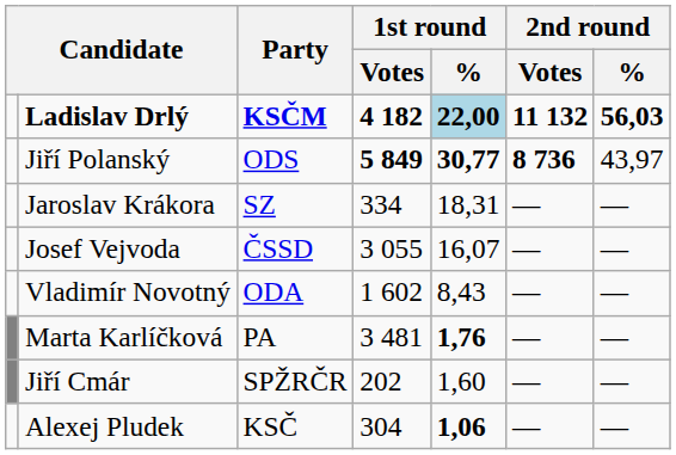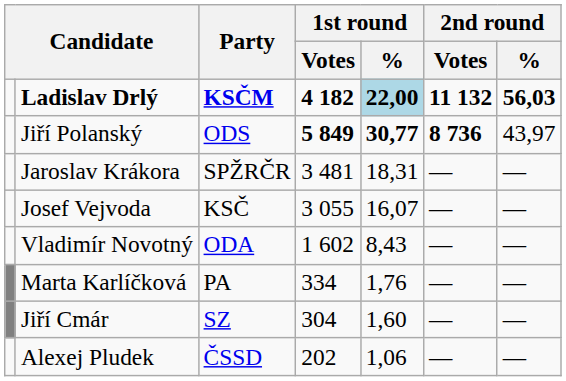 <table class="wikitable sortable">
 <tr>
 <th colspan="2" rowspan="2">Candidate</th>
 <th rowspan="2">Party</th>
 <th colspan="2">1st round</th>
 <th colspan="2">2nd round</th>
 </tr>
 <tr>
 <th>Votes</th>
 <th>%</th>
 <th>Votes</th>
 <th>%</th>
 </tr>
 <tr>
 <td style="background-color:"></td>
 <td><strong>Ladislav Drlý</strong></td>
 <td><a href='#'><strong>KSČM</strong></a></td>
 <td><strong>4 182</strong></td>
 <td style="background: lightblue;"><strong>22,00</strong></td>
 <td><strong>11 132</strong></td>
 <td><strong>56,03</strong></td>
 </tr>
 <tr>
 <td style="background-color:"></td>
 <td>Jiří Polanský</td>
 <td><a href='#'>ODS</a></td>
 <td><strong>5 849</strong></td>
 <td><strong>30,77</strong></td>
 <td><strong>8 736</strong></td>
 <td>43,97</td>
 </tr>
 <tr>
 <td style="background-color:"></td>
 <td>Jaroslav Krákora</td>
-<td><a href='#'>SZ</a></td>
-<td>334</td>
+<td>SPŽRČR</td>
+<td>3 481</td>
 <td>18,31</td>
 <td>—</td>
 <td>—</td>
 </tr>
 <tr>
 <td style="background-color:"></td>
 <td>Josef Vejvoda</td>
-<td><a href='#'>ČSSD</a></td>
+<td>KSČ</td>
 <td>3 055</td>
 <td>16,07</td>
 <td>—</td>
 <td>—</td>
 </tr>
 <tr>
 <td style="background-color:"></td>
 <td>Vladimír Novotný</td>
 <td><a href='#'>ODA</a></td>
 <td>1 602</td>
 <td>8,43</td>
 <td>—</td>
 <td>—</td>
 </tr>
 <tr>
 <td style="background-color:gray;"></td>
 <td>Marta Karlíčková</td>
 <td>PA</td>
-<td>3 481</td>
-<td><strong>1,76</strong></td>
+<td>334</td>
+<td>1,76</td>
 <td>—</td>
 <td>—</td>
 </tr>
 <tr>
 <td style="background-color:gray;"></td>
 <td>Jiří Cmár</td>
-<td>SPŽRČR</td>
-<td>202</td>
+<td><a href='#'>SZ</a></td>
+<td>304</td>
 <td>1,60</td>
 <td>—</td>
 <td>—</td>
 </tr>
 <tr>
 <td style="background-color:"></td>
 <td>Alexej Pludek</td>
-<td>KSČ</td>
-<td>304</td>
-<td><strong>1,06</strong></td>
+<td><a href='#'>ČSSD</a></td>
+<td>202</td>
+<td>1,06</td>
 <td>—</td>
 <td>—</td>
 </tr>
 </table>
